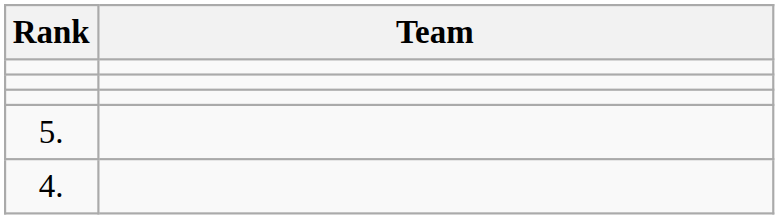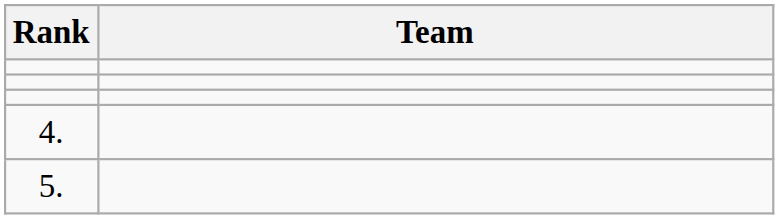 <table class="wikitable" style="font-size:95%">
 <tr>
 <th>Rank</th>
 <th align="left" style="width: 20em">Team</th>
 </tr>
 <tr>
 <td align="center"></td>
 <td></td>
 </tr>
 <tr>
 <td align="center"></td>
 <td></td>
 </tr>
 <tr>
 <td align="center"></td>
 <td></td>
 </tr>
 <tr>
+<td rowspan=1 align="center">4.</td>
+<td></td>
+</tr>
+<tr>
 <td rowspan=1 align="center">5.</td>
 <td></td>
 </tr>
-<tr>
-<td rowspan=1 align="center">4.</td>
-<td></td>
-</tr>
 </table>
